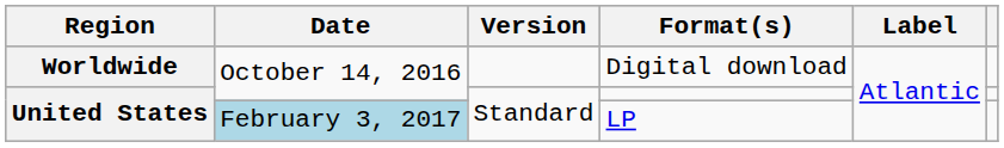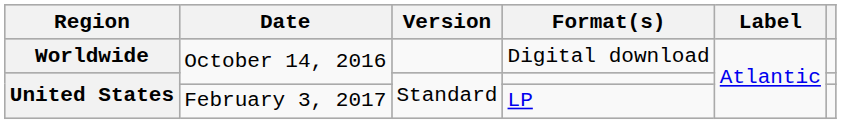 <table class="wikitable plainrowheaders">
 <tr>
 <th scope="col">Region</th>
 <th scope="col">Date</th>
 <th scope="col">Version</th>
 <th scope="col">Format(s)</th>
 <th scope="col">Label</th>
 <th scope="col"></th>
 </tr>
 <tr>
 <th scope="row">Worldwide</th>
 <td rowspan="2">October 14, 2016</td>
 <td></td>
 <td>Digital download</td>
 <td rowspan="3"><a href='#'>Atlantic</a></td>
 <td style="text-align:center;"></td>
 </tr>
 <tr>
 <th scope="row" rowspan="2">United States</th>
 <td rowspan="2">Standard</td>
 <td></td>
 <td style="text-align:center;"></td>
 </tr>
 <tr>
-<td style="background: lightblue;">February 3, 2017</td>
+<td>February 3, 2017</td>
 <td><a href='#'>LP</a></td>
 <td style="text-align:center;"></td>
 </tr>
 </table>
